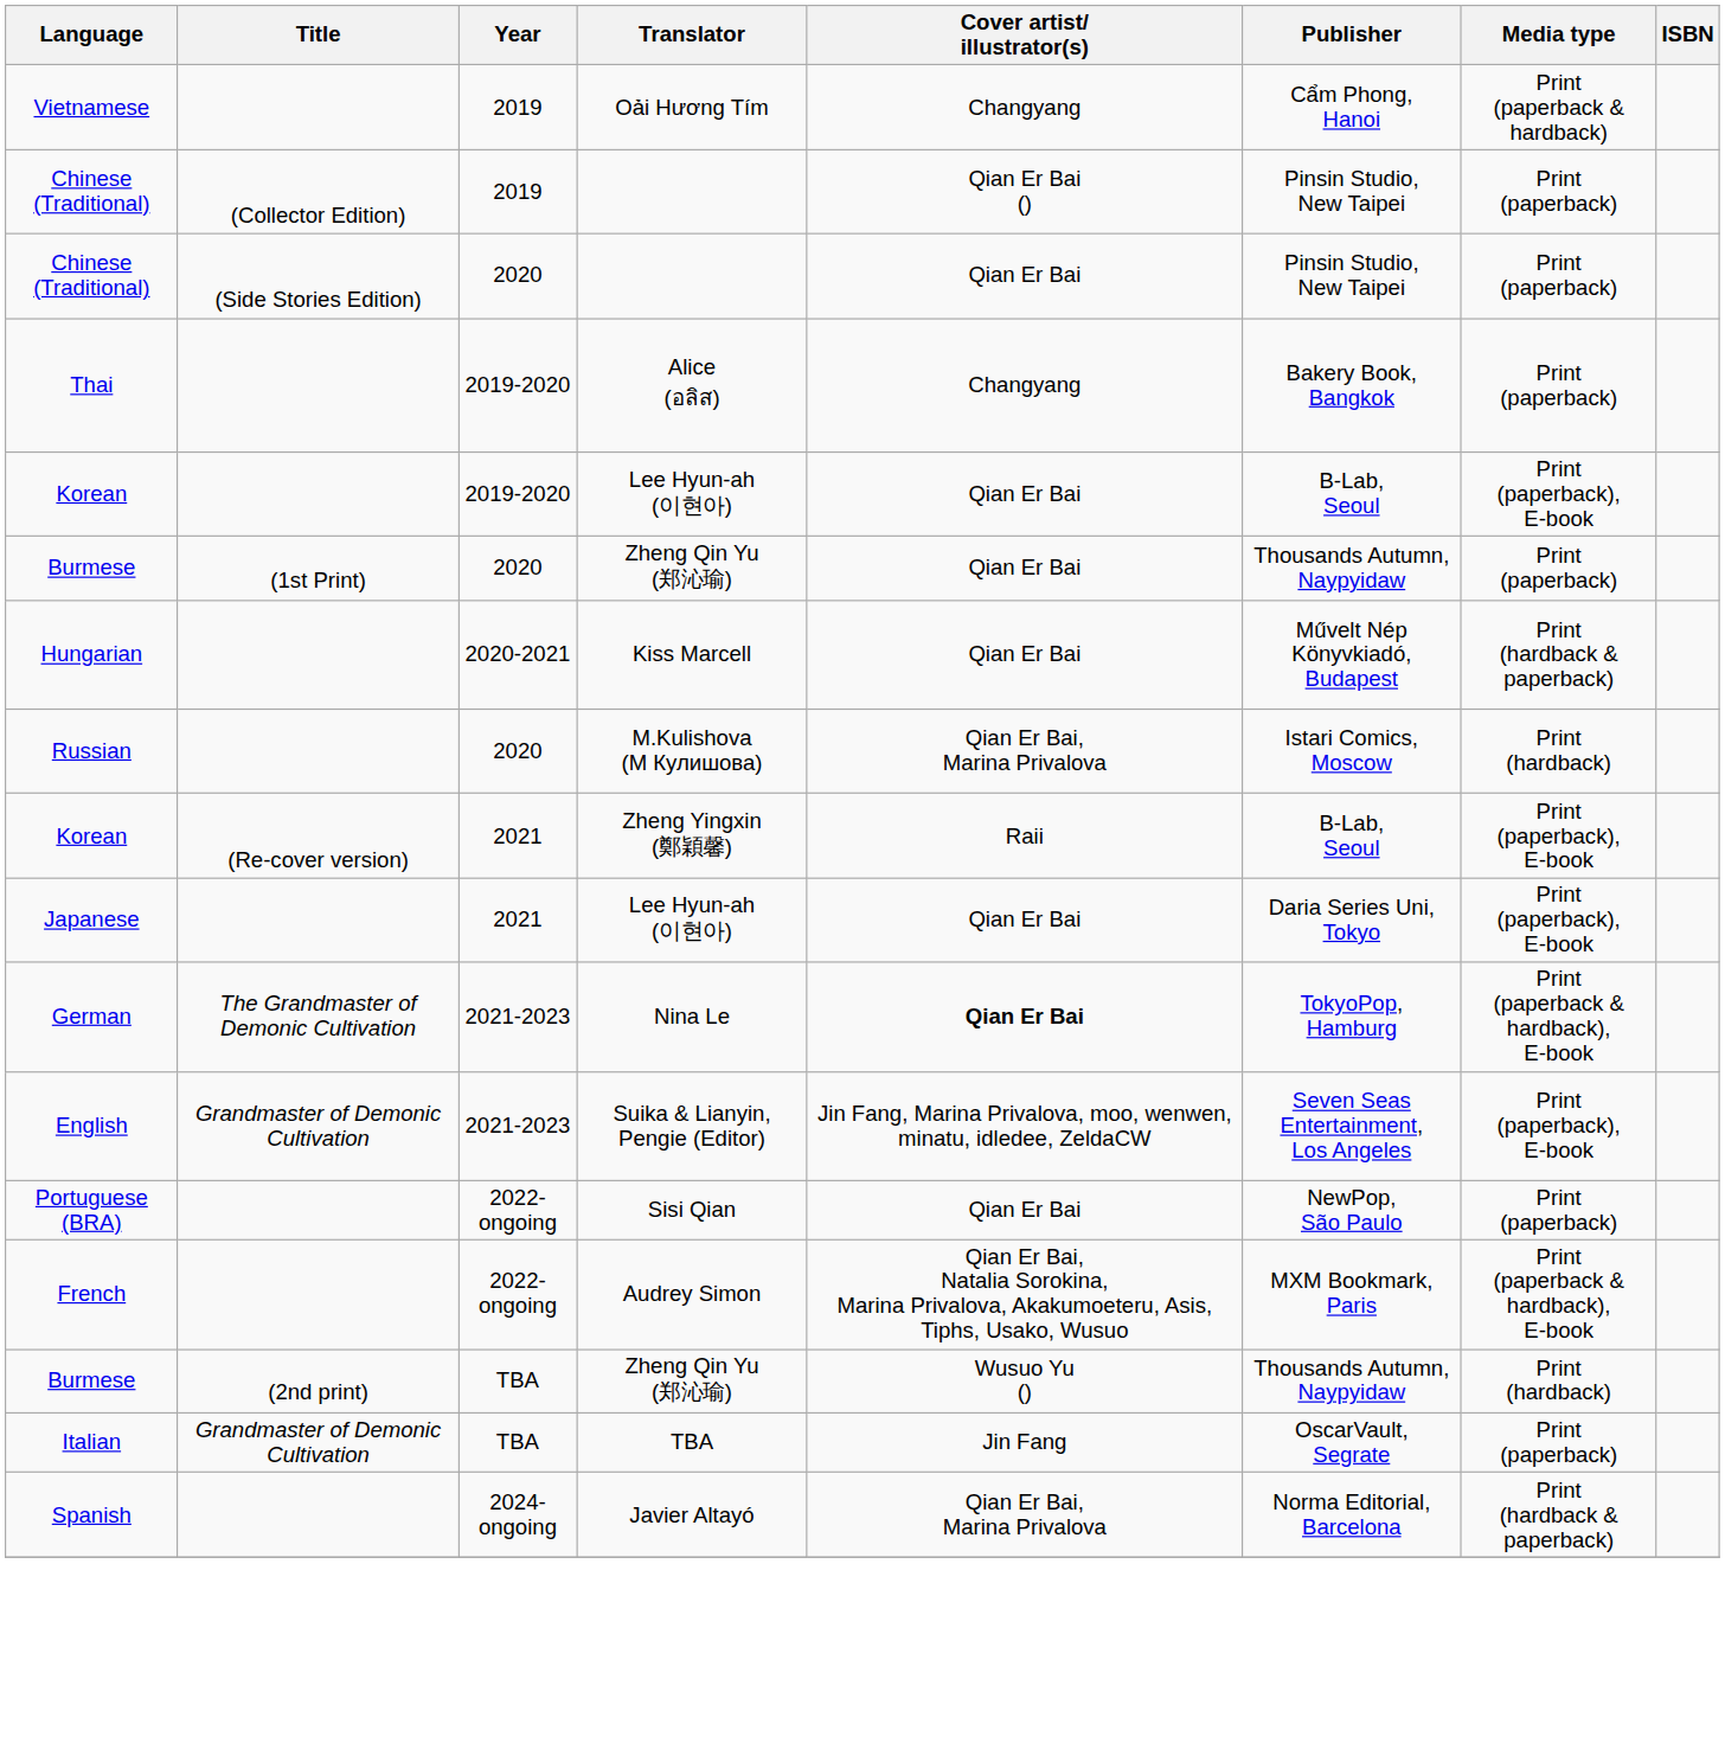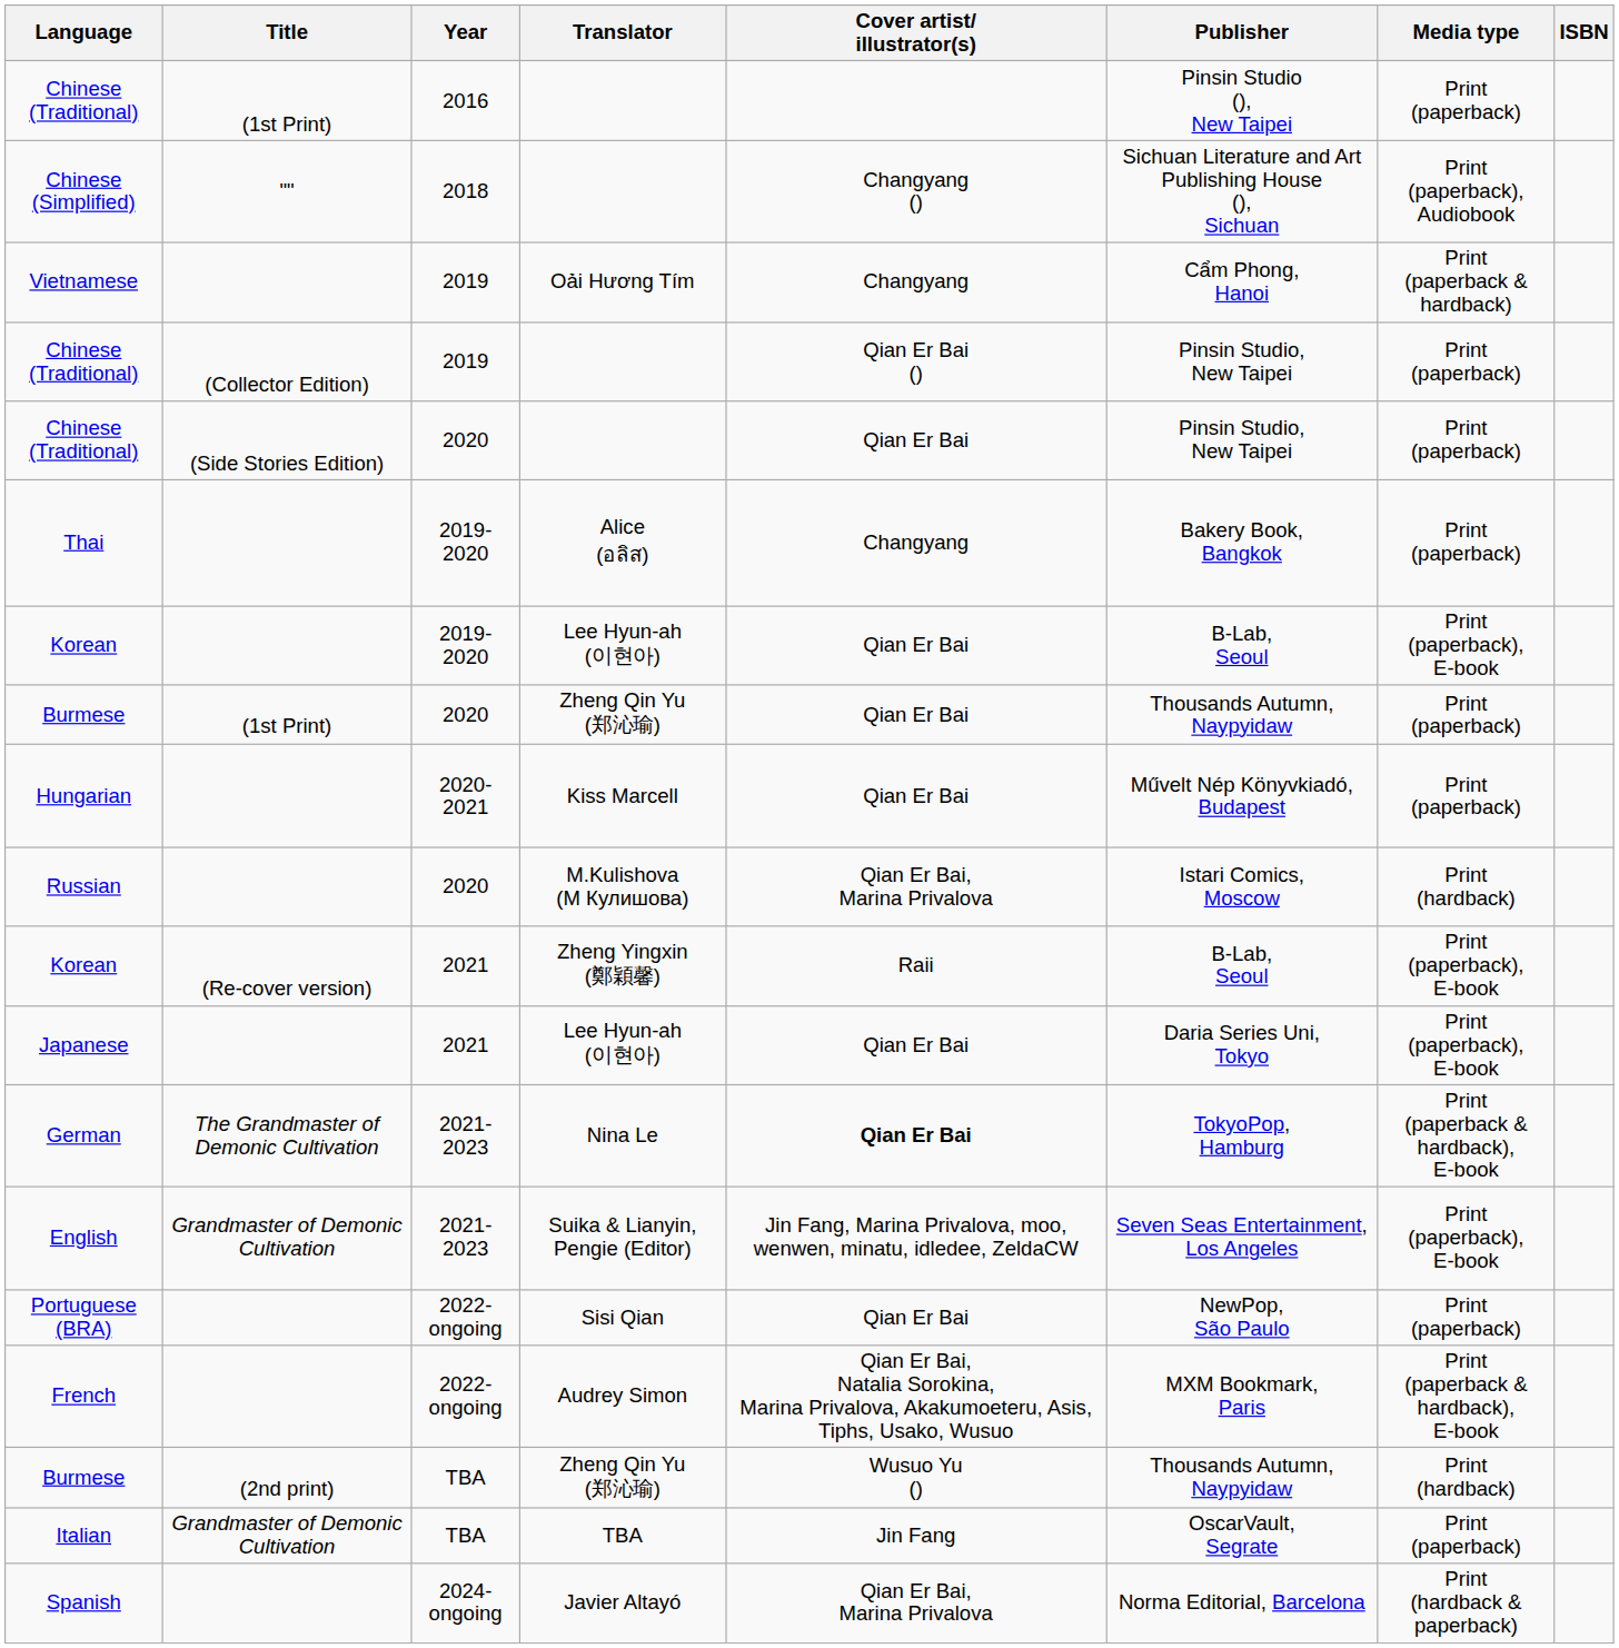 <table class="wikitable mw-collapsible">
 <tr>
 <th>Language</th>
 <th>Title</th>
 <th>Year</th>
 <th>Translator</th>
 <th>Cover artist/<br>illustrator(s)</th>
 <th>Publisher</th>
 <th>Media type</th>
 <th>ISBN</th>
+</tr>
+<tr>
+<td style="text-align:center;"><a href='#'>Chinese (Traditional)</a><br></td>
+<td style="text-align:center;"><br><br>(1st Print)</td>
+<td style="text-align:center;">2016</td>
+<td></td>
+<td></td>
+<td style="text-align:center;">Pinsin Studio<br>(),<br><a href='#'>New Taipei</a></td>
+<td style="text-align:center;">Print<br>(paperback)</td>
+<td style="text-align:center;"><br> <br> <br> </td>
+</tr>
+<tr>
+<td style="text-align:center;"><a href='#'>Chinese (Simplified)</a><br></td>
+<td style="text-align:center;">""<br></td>
+<td style="text-align:center;">2018</td>
+<td></td>
+<td style="text-align:center;">Changyang<br>()</td>
+<td style="text-align:center;">Sichuan Literature and Art Publishing House<br>(),<br><a href='#'>Sichuan</a></td>
+<td style="text-align:center;">Print<br>(paperback),<br>Audiobook</td>
+<td style="text-align:center;"></td>
 </tr>
 <tr>
 <td style="text-align:center;"><a href='#'>Vietnamese</a><br></td>
 <td style="text-align:center;"></td>
 <td style="text-align:center;">2019</td>
 <td style="text-align:center;">Oải Hương Tím</td>
 <td style="text-align:center;">Changyang</td>
 <td style="text-align:center;">Cẩm Phong,<br><a href='#'>Hanoi</a></td>
 <td style="text-align:center;">Print<br>(paperback & hardback)</td>
 <td style="text-align:center;"><br><br><br></td>
 </tr>
 <tr>
 <td style="text-align:center;"><a href='#'>Chinese (Traditional)</a><br></td>
 <td style="text-align:center;"><br><br>(Collector Edition)</td>
 <td style="text-align:center;">2019</td>
 <td></td>
 <td style="text-align:center;">Qian Er Bai<br>()</td>
 <td style="text-align:center;">Pinsin Studio,<br>New Taipei</td>
 <td style="text-align:center;">Print<br>(paperback)</td>
 <td style="text-align:center;"><br><br><br></td>
 </tr>
 <tr>
 <td style="text-align:center;"><a href='#'>Chinese (Traditional)</a><br></td>
 <td style="text-align:center;"><br><br>(Side Stories Edition)</td>
 <td style="text-align:center;">2020</td>
 <td></td>
 <td style="text-align:center;">Qian Er Bai</td>
 <td style="text-align:center;">Pinsin Studio,<br>New Taipei</td>
 <td style="text-align:center;">Print<br>(paperback)</td>
 <td style="text-align:center;"></td>
 </tr>
 <tr>
 <td style="text-align:center;"><a href='#'>Thai</a><br></td>
 <td style="text-align:center;"><br></td>
 <td style="text-align:center;">2019-2020</td>
 <td style="text-align:center;">Alice<br>(อลิส)</td>
 <td style="text-align:center;">Changyang</td>
 <td style="text-align:center;">Bakery Book,<br><a href='#'>Bangkok</a></td>
 <td style="text-align:center;">Print<br>(paperback)</td>
 <td style="text-align:center;"><br><br><br><br><br></td>
 </tr>
 <tr>
 <td style="text-align:center;"><a href='#'>Korean</a><br></td>
 <td style="text-align:center;"><br></td>
 <td style="text-align:center;">2019-2020</td>
 <td style="text-align:center;">Lee Hyun-ah<br>(이현아)</td>
 <td style="text-align:center;">Qian Er Bai</td>
 <td style="text-align:center;">B-Lab,<br><a href='#'>Seoul</a></td>
 <td style="text-align:center;">Print<br>(paperback),<br>E-book</td>
 <td style="text-align:center;"><br><br><br></td>
 </tr>
 <tr>
 <td style="text-align:center;"><a href='#'>Burmese</a><br></td>
 <td style="text-align:center;"><em><br></em>(1st Print)</td>
 <td style="text-align:center;">2020</td>
 <td style="text-align:center;">Zheng Qin Yu<br>(郑沁瑜)</td>
 <td style="text-align:center;">Qian Er Bai</td>
 <td style="text-align:center;">Thousands Autumn,<br><a href='#'>Naypyidaw</a></td>
 <td style="text-align:center;">Print<br>(paperback)</td>
 <td style="text-align:center;"><br><br></td>
 </tr>
 <tr>
 <td style="text-align:center;"><a href='#'>Hungarian</a> <br></td>
 <td style="text-align:center;"></td>
 <td style="text-align:center;">2020-2021</td>
 <td style="text-align:center;">Kiss Marcell</td>
 <td style="text-align:center;">Qian Er Bai</td>
 <td style="text-align:center;">Művelt Nép Könyvkiadó,<br><a href='#'>Budapest</a></td>
-<td style="text-align:center;">Print<br>(hardback & paperback)</td>
+<td style="text-align:center;">Print<br>(paperback)</td>
 <td style="text-align:center;"><br><br><br><br></td>
 </tr>
 <tr>
 <td style="text-align:center;"><a href='#'>Russian</a><br></td>
 <td style="text-align:center;"><br></td>
 <td style="text-align:center;">2020</td>
 <td style="text-align:center;">M.Kulishova<br>(М Кулишова)</td>
 <td style="text-align:center;">Qian Er Bai, <br>Marina Privalova</td>
 <td style="text-align:center;">Istari Comics,<br><a href='#'>Moscow</a></td>
 <td style="text-align:center;">Print<br>(hardback)</td>
 <td style="text-align:center;"><br><br><br></td>
 </tr>
 <tr>
 <td style="text-align:center;"><a href='#'>Korean</a><br></td>
 <td style="text-align:center;"><br> <br>(Re-cover version)</td>
 <td style="text-align:center;">2021</td>
 <td style="text-align:center;">Zheng Yingxin<br>(鄭穎馨)</td>
 <td style="text-align:center;">Raii</td>
 <td style="text-align:center;">B-Lab,<br><a href='#'>Seoul</a></td>
 <td style="text-align:center;">Print<br>(paperback),<br>E-book</td>
 <td style="text-align:center;"><br><br><br></td>
 </tr>
 <tr>
 <td style="text-align:center;"><a href='#'>Japanese</a><br></td>
 <td style="text-align:center;"><br></td>
 <td style="text-align:center;">2021</td>
 <td style="text-align:center;">Lee Hyun-ah<br>(이현아)</td>
 <td style="text-align:center;">Qian Er Bai</td>
 <td style="text-align:center;">Daria Series Uni,<br><a href='#'>Tokyo</a></td>
 <td style="text-align:center;">Print<br>(paperback),<br>E-book</td>
 <td style="text-align:center;"><br><br><br></td>
 </tr>
 <tr>
 <td style="text-align:center;"><a href='#'>German</a><br></td>
 <td style="text-align:center;"><em>The Grandmaster of Demonic Cultivation</em></td>
 <td style="text-align:center;">2021-2023</td>
 <td style="text-align:center;">Nina Le</td>
 <td style="text-align:center;"><strong>Qian Er Bai</strong></td>
 <td style="text-align:center;"><a href='#'>TokyoPop</a>,<br><a href='#'>Hamburg</a></td>
 <td style="text-align:center;">Print<br>(paperback & hardback),<br>E-book</td>
 <td style="text-align:center;"><br><br><br><br> </td>
 </tr>
 <tr>
 <td style="text-align:center;"><a href='#'>English</a><br></td>
 <td style="text-align:center;"><em>Grandmaster of Demonic Cultivation</em></td>
 <td style="text-align:center;">2021-2023</td>
 <td style="text-align:center;">Suika & Lianyin, Pengie (Editor)</td>
 <td style="text-align:center;">Jin Fang, Marina Privalova, moo, wenwen, minatu, idledee, ZeldaCW</td>
 <td style="text-align:center;"><a href='#'>Seven Seas Entertainment</a>,<br><a href='#'>Los Angeles</a></td>
 <td style="text-align:center;">Print<br>(paperback),<br>E-book</td>
 <td style="text-align:center;"><br><br><br><br></td>
 </tr>
 <tr>
 <td style="text-align:center;"><a href='#'>Portuguese (BRA)</a><br></td>
 <td style="text-align:center;"></td>
 <td style="text-align:center;">2022-ongoing</td>
 <td style="text-align:center;">Sisi Qian</td>
 <td style="text-align:center;">Qian Er Bai</td>
 <td style="text-align:center;">NewPop,<br><a href='#'>São Paulo</a></td>
 <td style="text-align:center;">Print<br>(paperback)</td>
 <td style="text-align:center;"><br> <br> </td>
 </tr>
 <tr>
 <td style="text-align:center;"><a href='#'>French</a><br></td>
 <td style= "text-align:center;"></td>
 <td style="text-align:center;">2022-ongoing</td>
 <td style="text-align:center;">Audrey Simon</td>
 <td style="text-align:center;">Qian Er Bai,<br>Natalia Sorokina,<br>Marina Privalova, Akakumoeteru, Asis, Tiphs, Usako, Wusuo</td>
 <td style="text-align:center;">MXM Bookmark, <br><a href='#'>Paris</a></td>
 <td style="text-align:center;">Print<br>(paperback & hardback),<br>E-book</td>
 <td style="text-align:center;"><br><br> </td>
 </tr>
 <tr>
 <td style="text-align:center;"><a href='#'>Burmese</a><br></td>
 <td style="text-align:center;"><br>(2nd print)</td>
 <td style="text-align:center;">TBA</td>
 <td style="text-align:center;">Zheng Qin Yu<br>(郑沁瑜)</td>
 <td style="text-align:center;">Wusuo Yu<br> ()</td>
 <td style="text-align:center;">Thousands Autumn,<br><a href='#'>Naypyidaw</a></td>
 <td style="text-align:center;">Print<br>(hardback)</td>
 <td></td>
 </tr>
 <tr>
 <td style="text-align:center;"><a href='#'>Italian</a><br></td>
 <td style="text-align:center;"><em>Grandmaster of Demonic Cultivation</em></td>
 <td style="text-align:center;">TBA</td>
 <td style="text-align:center;">TBA</td>
 <td style="text-align:center;">Jin Fang</td>
 <td style="text-align:center;">OscarVault,<br><a href='#'>Segrate</a></td>
 <td style="text-align:center;">Print<br>(paperback)</td>
 <td></td>
 </tr>
 <tr>
 <td style="text-align:center;"><a href='#'>Spanish</a><br></td>
 <td style="text-align:center;"></td>
 <td style="text-align:center;">2024-ongoing</td>
 <td style="text-align:center;">Javier Altayó</td>
 <td style="text-align:center;">Qian Er Bai, <br>Marina Privalova</td>
 <td style="text-align:center;">Norma Editorial, <a href='#'>Barcelona</a></td>
 <td style="text-align:center;">Print<br>(hardback & paperback)</td>
 <td></td>
 </tr>
 <tr>
 </tr>
 </table>
